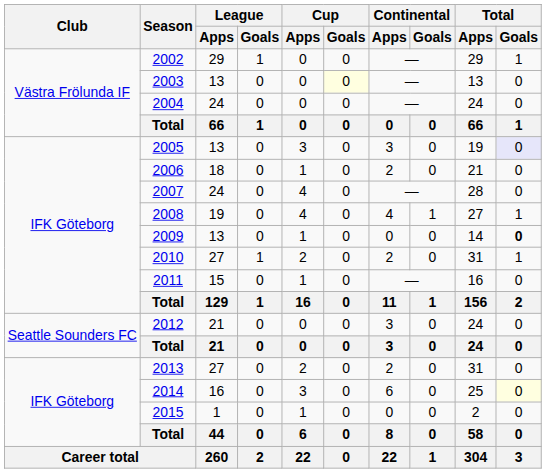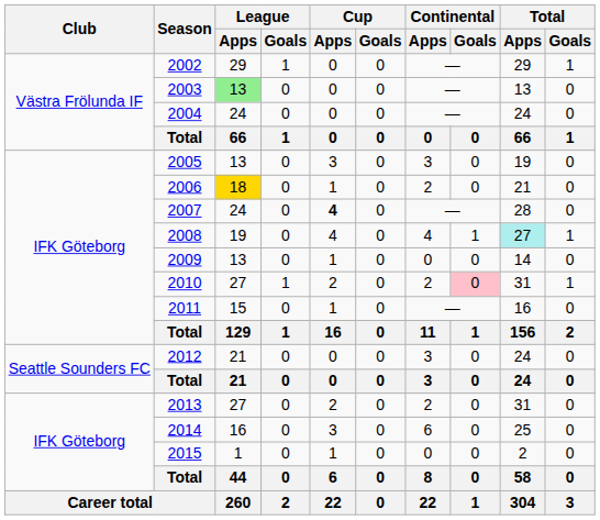 <table class="wikitable" style="text-align:center">
 <tr>
 <th rowspan="2">Club</th>
 <th rowspan="2">Season</th>
 <th colspan="2">League</th>
 <th colspan="2">Cup</th>
 <th colspan="2">Continental</th>
 <th colspan="2">Total</th>
 </tr>
 <tr>
 <th>Apps</th>
 <th>Goals</th>
 <th>Apps</th>
 <th>Goals</th>
 <th>Apps</th>
 <th>Goals</th>
 <th>Apps</th>
 <th>Goals</th>
 </tr>
 <tr>
 <td rowspan=4><a href='#'>Västra Frölunda IF</a></td>
 <td><a href='#'>2002</a></td>
 <td>29</td>
 <td>1</td>
 <td>0</td>
 <td>0</td>
 <td colspan="2">—</td>
 <td>29</td>
 <td>1</td>
 </tr>
 <tr>
 <td><a href='#'>2003</a></td>
-<td>13</td>
+<td style="background: lightgreen;">13</td>
 <td>0</td>
 <td>0</td>
-<td style="background: lightyellow;">0</td>
+<td>0</td>
 <td colspan="2">—</td>
 <td>13</td>
 <td>0</td>
 </tr>
 <tr>
 <td><a href='#'>2004</a></td>
 <td>24</td>
 <td>0</td>
 <td>0</td>
 <td>0</td>
 <td colspan="2">—</td>
 <td>24</td>
 <td>0</td>
 </tr>
 <tr>
 <th>Total</th>
 <th>66</th>
 <th>1</th>
 <th>0</th>
 <th>0</th>
 <th>0</th>
 <th>0</th>
 <th>66</th>
 <th>1</th>
 </tr>
 <tr>
 <td rowspan=8><a href='#'>IFK Göteborg</a></td>
 <td><a href='#'>2005</a></td>
 <td>13</td>
 <td>0</td>
 <td>3</td>
 <td>0</td>
 <td>3</td>
 <td>0</td>
 <td>19</td>
-<td style="background: lavender;">0</td>
+<td>0</td>
 </tr>
 <tr>
 <td><a href='#'>2006</a></td>
-<td>18</td>
+<td style="background: gold;">18</td>
 <td>0</td>
 <td>1</td>
 <td>0</td>
 <td>2</td>
 <td>0</td>
 <td>21</td>
 <td>0</td>
 </tr>
 <tr>
 <td><a href='#'>2007</a></td>
 <td>24</td>
 <td>0</td>
-<td>4</td>
+<td><strong>4</strong></td>
 <td>0</td>
 <td colspan="2">—</td>
 <td>28</td>
 <td>0</td>
 </tr>
 <tr>
 <td><a href='#'>2008</a></td>
 <td>19</td>
 <td>0</td>
 <td>4</td>
 <td>0</td>
 <td>4</td>
 <td>1</td>
-<td>27</td>
+<td style="background: paleturquoise;">27</td>
 <td>1</td>
 </tr>
 <tr>
 <td><a href='#'>2009</a></td>
 <td>13</td>
 <td>0</td>
 <td>1</td>
 <td>0</td>
 <td>0</td>
 <td>0</td>
 <td>14</td>
-<td><strong>0</strong></td>
+<td>0</td>
 </tr>
 <tr>
 <td><a href='#'>2010</a></td>
 <td>27</td>
 <td>1</td>
 <td>2</td>
 <td>0</td>
 <td>2</td>
-<td>0</td>
+<td style="background: pink;">0</td>
 <td>31</td>
 <td>1</td>
 </tr>
 <tr>
 <td><a href='#'>2011</a></td>
 <td>15</td>
 <td>0</td>
 <td>1</td>
 <td>0</td>
 <td colspan="2">—</td>
 <td>16</td>
 <td>0</td>
 </tr>
 <tr>
 <th>Total</th>
 <th>129</th>
 <th>1</th>
 <th>16</th>
 <th>0</th>
 <th>11</th>
 <th>1</th>
 <th>156</th>
 <th>2</th>
 </tr>
 <tr>
 <td rowspan=2><a href='#'>Seattle Sounders FC</a></td>
 <td><a href='#'>2012</a></td>
 <td>21</td>
 <td>0</td>
 <td>0</td>
 <td>0</td>
 <td>3</td>
 <td>0</td>
 <td>24</td>
 <td>0</td>
 </tr>
 <tr>
 <th>Total</th>
 <th>21</th>
 <th>0</th>
 <th>0</th>
 <th>0</th>
 <th>3</th>
 <th>0</th>
 <th>24</th>
 <th>0</th>
 </tr>
 <tr>
 <td rowspan=4><a href='#'>IFK Göteborg</a></td>
 <td><a href='#'>2013</a></td>
 <td>27</td>
 <td>0</td>
 <td>2</td>
 <td>0</td>
 <td>2</td>
 <td>0</td>
 <td>31</td>
 <td>0</td>
 </tr>
 <tr>
 <td><a href='#'>2014</a></td>
 <td>16</td>
 <td>0</td>
 <td>3</td>
 <td>0</td>
 <td>6</td>
 <td>0</td>
 <td>25</td>
-<td style="background: lightyellow;">0</td>
+<td>0</td>
 </tr>
 <tr>
 <td><a href='#'>2015</a></td>
 <td>1</td>
 <td>0</td>
 <td>1</td>
 <td>0</td>
 <td>0</td>
 <td>0</td>
 <td>2</td>
 <td>0</td>
 </tr>
 <tr>
 <th>Total</th>
 <th>44</th>
 <th>0</th>
 <th>6</th>
 <th>0</th>
 <th>8</th>
 <th>0</th>
 <th>58</th>
 <th>0</th>
 </tr>
 <tr>
 <th colspan="2">Career total</th>
 <th>260</th>
 <th>2</th>
 <th>22</th>
 <th>0</th>
 <th>22</th>
 <th>1</th>
 <th>304</th>
 <th>3</th>
 </tr>
 </table>
